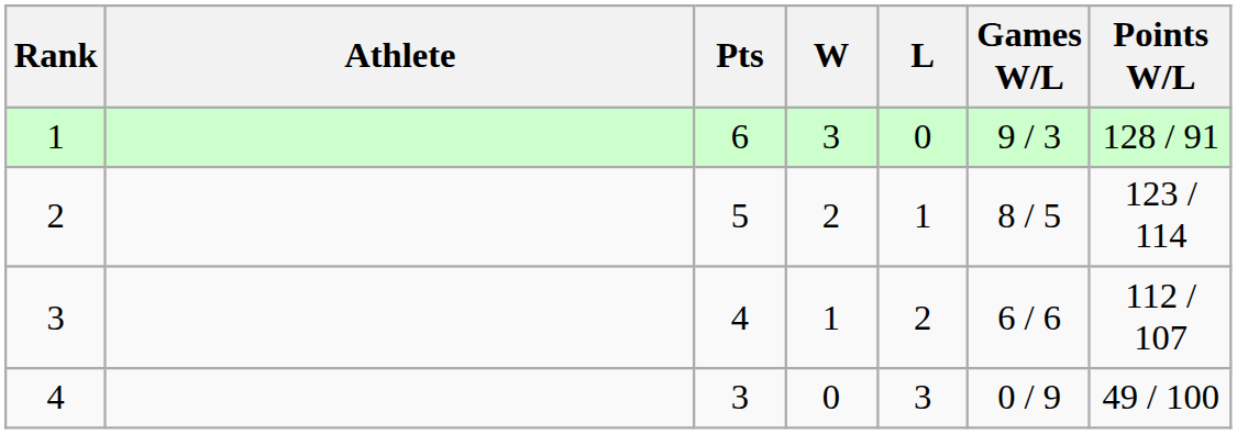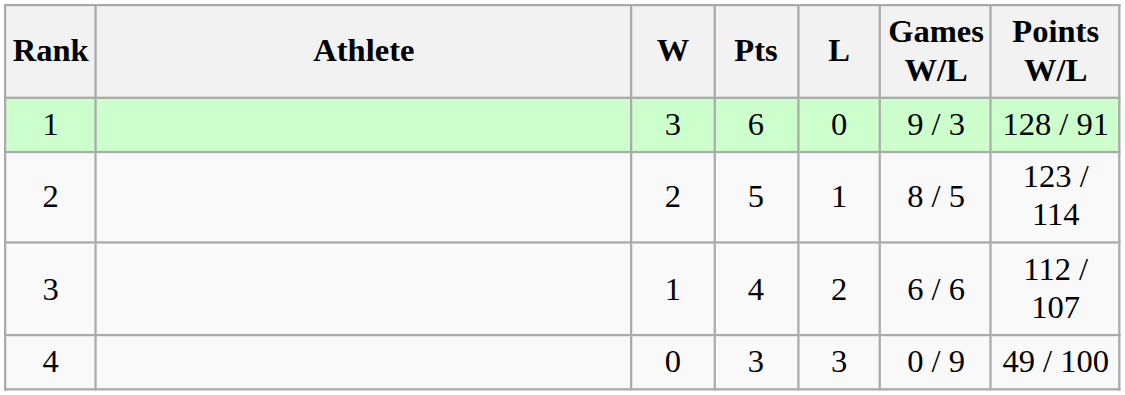 <table class="wikitable" style="text-align: center; font-size:90% ">
 <tr>
 <th width="20">Rank</th>
 <th width="230">Athlete</th>
+<th width="30">W</th>
 <th width="30">Pts</th>
-<th width="30">W</th>
 <th width="30">L</th>
 <th width="40">Games<br>W/L</th>
 <th width="50">Points<br>W/L</th>
 </tr>
 <tr bgcolor=#ccffcc>
 <td>1</td>
 <td align=left></td>
+<td>3</td>
 <td>6</td>
-<td>3</td>
 <td>0</td>
 <td>9 / 3</td>
 <td>128 / 91</td>
 </tr>
 <tr>
 <td>2</td>
 <td align=left></td>
+<td>2</td>
 <td>5</td>
-<td>2</td>
 <td>1</td>
 <td>8 / 5</td>
 <td>123 / 114</td>
 </tr>
 <tr>
 <td>3</td>
 <td align=left></td>
+<td>1</td>
 <td>4</td>
-<td>1</td>
 <td>2</td>
 <td>6 / 6</td>
 <td>112 / 107</td>
 </tr>
 <tr>
 <td>4</td>
 <td align=left></td>
+<td>0</td>
 <td>3</td>
-<td>0</td>
 <td>3</td>
 <td>0 / 9</td>
 <td>49 / 100</td>
 </tr>
 </table>
